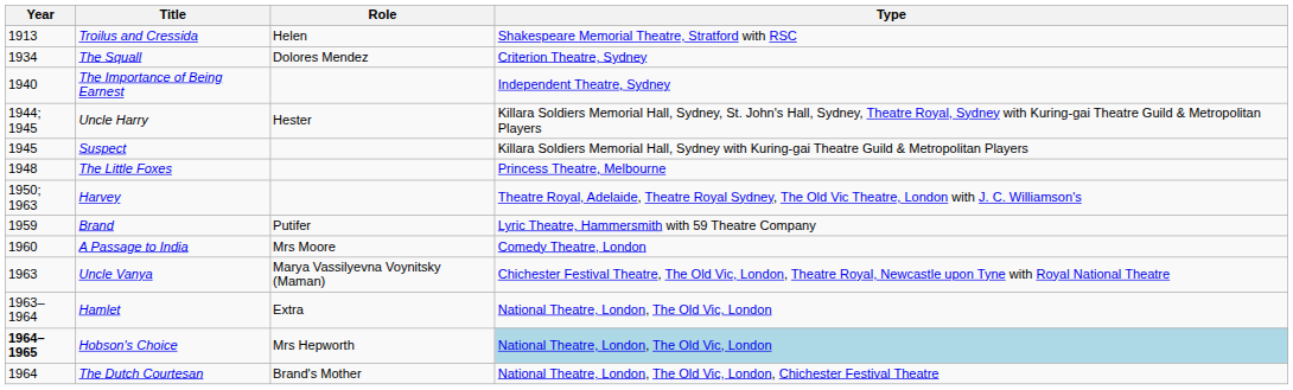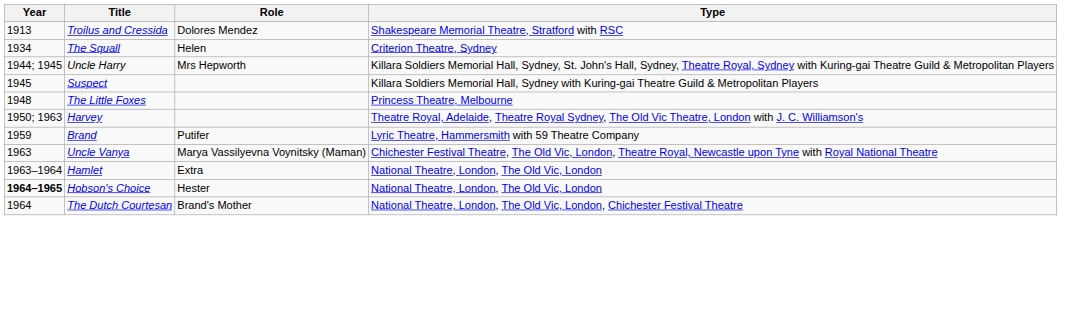 <table class="wikitable">
 <tr>
 <th>Year</th>
 <th>Title</th>
 <th>Role</th>
 <th>Type</th>
 </tr>
 <tr>
 <td>1913</td>
 <td><em><a href='#'>Troilus and Cressida</a></em></td>
-<td>Helen</td>
+<td>Dolores Mendez</td>
 <td><a href='#'>Shakespeare Memorial Theatre, Stratford</a> with <a href='#'>RSC</a></td>
 </tr>
 <tr>
 <td>1934</td>
 <td><em><a href='#'>The Squall</a></em></td>
-<td>Dolores Mendez</td>
+<td>Helen</td>
 <td><a href='#'>Criterion Theatre, Sydney</a></td>
-</tr>
-<tr>
-<td>1940</td>
-<td><em><a href='#'>The Importance of Being Earnest</a></em></td>
-<td></td>
-<td><a href='#'>Independent Theatre, Sydney</a></td>
 </tr>
 <tr>
 <td>1944; 1945</td>
 <td><em>Uncle Harry</em></td>
-<td>Hester</td>
+<td>Mrs Hepworth</td>
 <td>Killara Soldiers Memorial Hall, Sydney, St. John's Hall, Sydney, <a href='#'>Theatre Royal, Sydney</a> with Kuring-gai Theatre Guild & Metropolitan Players</td>
 </tr>
 <tr>
 <td>1945</td>
 <td><em><a href='#'>Suspect</a></em></td>
 <td></td>
 <td>Killara Soldiers Memorial Hall, Sydney with Kuring-gai Theatre Guild & Metropolitan Players</td>
 </tr>
 <tr>
 <td>1948</td>
 <td><em><a href='#'>The Little Foxes</a></em></td>
 <td></td>
 <td><a href='#'>Princess Theatre, Melbourne</a></td>
 </tr>
 <tr>
 <td>1950; 1963</td>
 <td><em><a href='#'>Harvey</a></em></td>
 <td></td>
 <td><a href='#'>Theatre Royal, Adelaide</a>, <a href='#'>Theatre Royal Sydney</a>, <a href='#'>The Old Vic Theatre, London</a> with <a href='#'>J. C. Williamson's</a></td>
 </tr>
 <tr>
 <td>1959</td>
 <td><em><a href='#'>Brand</a></em></td>
 <td>Putifer</td>
 <td><a href='#'>Lyric Theatre, Hammersmith</a> with 59 Theatre Company</td>
 </tr>
 <tr>
-<td>1960</td>
-<td><em><a href='#'>A Passage to India</a></em></td>
-<td>Mrs Moore</td>
-<td><a href='#'>Comedy Theatre, London</a></td>
-</tr>
-<tr>
 <td>1963</td>
 <td><em><a href='#'>Uncle Vanya</a></em></td>
 <td>Marya Vassilyevna Voynitsky (Maman)</td>
 <td><a href='#'>Chichester Festival Theatre</a>, <a href='#'>The Old Vic, London</a>, <a href='#'>Theatre Royal, Newcastle upon Tyne</a> with <a href='#'>Royal National Theatre</a></td>
 </tr>
 <tr>
 <td>1963–1964</td>
 <td><em><a href='#'>Hamlet</a></em></td>
 <td>Extra</td>
 <td><a href='#'>National Theatre, London</a>, <a href='#'>The Old Vic, London</a></td>
 </tr>
 <tr>
 <td><strong>1964–1965</strong></td>
 <td><em><a href='#'>Hobson's Choice</a></em></td>
-<td>Mrs Hepworth</td>
-<td style="background: lightblue;"><a href='#'>National Theatre, London</a>, <a href='#'>The Old Vic, London</a></td>
+<td>Hester</td>
+<td><a href='#'>National Theatre, London</a>, <a href='#'>The Old Vic, London</a></td>
 </tr>
 <tr>
 <td>1964</td>
 <td><em><a href='#'>The Dutch Courtesan</a></em></td>
 <td>Brand's Mother</td>
 <td><a href='#'>National Theatre, London</a>, <a href='#'>The Old Vic, London</a>, <a href='#'>Chichester Festival Theatre</a></td>
 </tr>
 </table>
